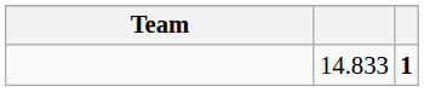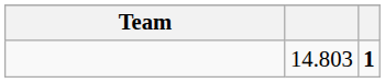 <table class="wikitable">
 <tr>
 </tr>
 <tr>
 <th width=190>Team</th>
 <th></th>
 <th></th>
 </tr>
 <tr>
 <td></td>
-<td align=right>14.833</td>
+<td align=right>14.803</td>
 <td align=center><strong>1</strong></td>
 </tr>
 </table>
